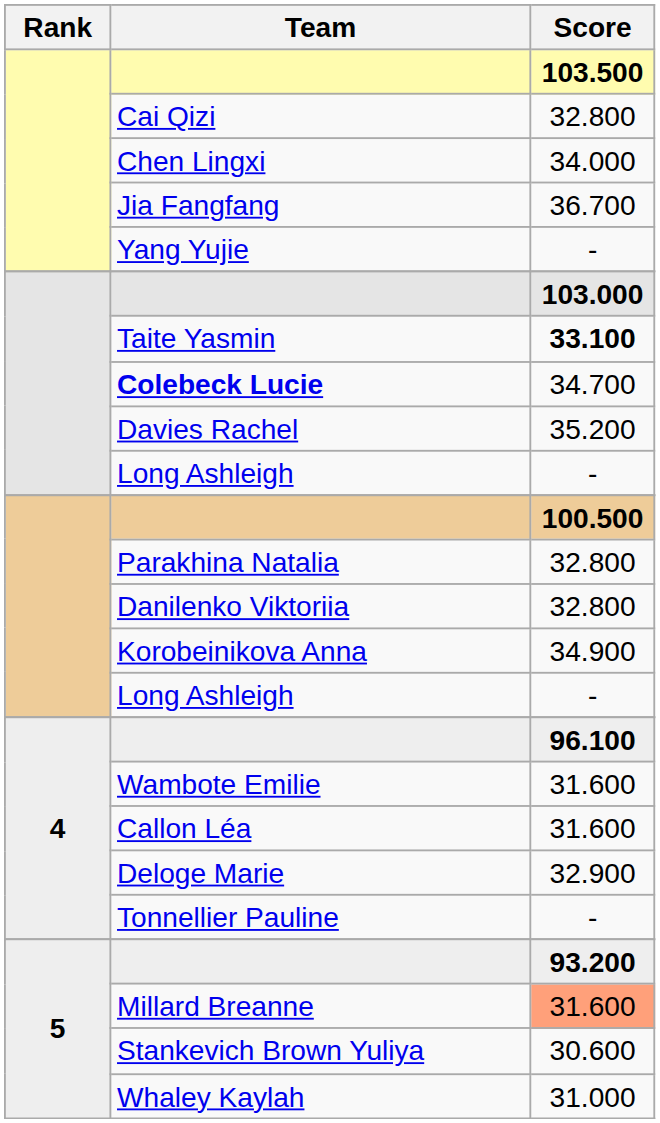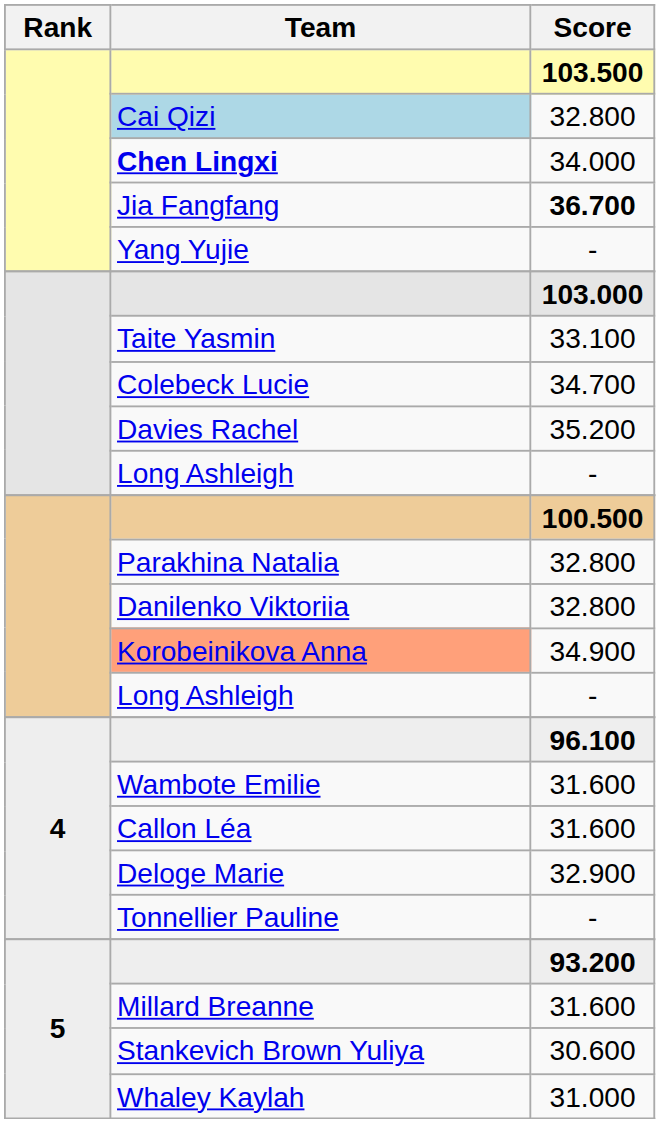 <table class="wikitable" style="text-align:center; font-size:95%">
 <tr>
 <th style="width:50px;">Rank</th>
 <th style="width:220px;">Team</th>
 <th style="width:60px;">Score</th>
 </tr>
 <tr style="background:#fffcaf;">
 <td rowspan=5></td>
 <td style="text-align:left;"><strong></strong></td>
 <td><strong>103.500</strong></td>
 </tr>
 <tr>
-<td style="text-align:left;"><a href='#'>Cai Qizi</a></td>
+<td style="background: lightblue; text-align:left;"><a href='#'>Cai Qizi</a></td>
 <td>32.800</td>
 </tr>
 <tr>
-<td style="text-align:left;"><a href='#'>Chen Lingxi</a></td>
+<td style="text-align:left;"><strong><a href='#'>Chen Lingxi</a></strong></td>
 <td>34.000</td>
 </tr>
 <tr>
 <td style="text-align:left;"><a href='#'>Jia Fangfang</a></td>
-<td>36.700</td>
+<td><strong>36.700</strong></td>
 </tr>
 <tr>
 <td style="text-align:left;"><a href='#'>Yang Yujie</a></td>
 <td>-</td>
 </tr>
 <tr>
 </tr>
 <tr style="background:#e5e5e5;">
 <td rowspan=5></td>
 <td style="text-align:left;"><strong></strong></td>
 <td><strong>103.000</strong></td>
 </tr>
 <tr>
 <td style="text-align:left;"><a href='#'>Taite Yasmin</a></td>
-<td><strong>33.100</strong></td>
+<td>33.100</td>
 </tr>
 <tr>
-<td style="text-align:left;"><strong><a href='#'>Colebeck Lucie</a></strong></td>
+<td style="text-align:left;"><a href='#'>Colebeck Lucie</a></td>
 <td>34.700</td>
 </tr>
 <tr>
 <td style="text-align:left;"><a href='#'>Davies Rachel</a></td>
 <td>35.200</td>
 </tr>
 <tr>
 <td style="text-align:left;"><a href='#'>Long Ashleigh</a></td>
 <td>-</td>
 </tr>
 <tr>
 </tr>
 <tr style="background:#ec9;">
 <td rowspan=5></td>
 <td style="text-align:left;"><strong></strong></td>
 <td><strong>100.500</strong></td>
 </tr>
 <tr>
 <td style="text-align:left;"><a href='#'>Parakhina Natalia</a></td>
 <td>32.800</td>
 </tr>
 <tr>
 <td style="text-align:left;"><a href='#'>Danilenko Viktoriia</a></td>
 <td>32.800</td>
 </tr>
 <tr>
-<td style="text-align:left;"><a href='#'>Korobeinikova Anna</a></td>
+<td style="background: lightsalmon; text-align:left;"><a href='#'>Korobeinikova Anna</a></td>
 <td>34.900</td>
 </tr>
 <tr>
 <td style="text-align:left;"><a href='#'>Long Ashleigh</a></td>
 <td>-</td>
 </tr>
 <tr>
 </tr>
 <tr style="background:#eee;">
 <td rowspan=5><strong>4</strong></td>
 <td style="text-align:left;"><strong></strong></td>
 <td><strong>96.100</strong></td>
 </tr>
 <tr>
 <td style="text-align:left;"><a href='#'>Wambote Emilie</a></td>
 <td>31.600</td>
 </tr>
 <tr>
 <td style="text-align:left;"><a href='#'>Callon Léa</a></td>
 <td>31.600</td>
 </tr>
 <tr>
 <td style="text-align:left;"><a href='#'>Deloge Marie</a></td>
 <td>32.900</td>
 </tr>
 <tr>
 <td style="text-align:left;"><a href='#'>Tonnellier Pauline</a></td>
 <td>-</td>
 </tr>
 <tr>
 </tr>
 <tr style="background:#eee;">
 <td rowspan=4><strong>5</strong></td>
 <td style="text-align:left;"><strong></strong></td>
 <td><strong>93.200</strong></td>
 </tr>
 <tr>
 <td style="text-align:left;"><a href='#'>Millard Breanne</a></td>
-<td style="background: lightsalmon;">31.600</td>
+<td>31.600</td>
 </tr>
 <tr>
 <td style="text-align:left;"><a href='#'>Stankevich Brown Yuliya</a></td>
 <td>30.600</td>
 </tr>
 <tr>
 <td style="text-align:left;"><a href='#'>Whaley Kaylah</a></td>
 <td>31.000</td>
 </tr>
 <tr>
 </tr>
 </table>
